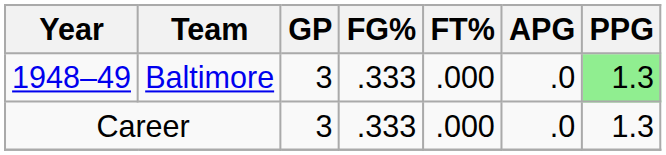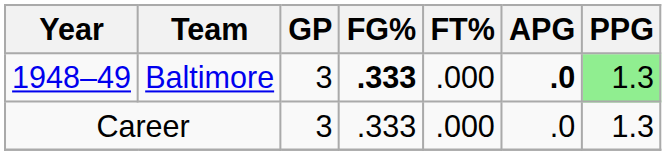 <table class="wikitable sortable" style="font-size:95%; text-align:right;">
 <tr>
 <th>Year</th>
 <th>Team</th>
 <th>GP</th>
 <th>FG%</th>
 <th>FT%</th>
 <th>APG</th>
 <th>PPG</th>
 </tr>
 <tr>
 <td style="text-align:left;"><a href='#'>1948–49</a></td>
 <td style="text-align:left;"><a href='#'>Baltimore</a></td>
 <td>3</td>
-<td>.333</td>
+<td><strong>.333</strong></td>
 <td>.000</td>
-<td>.0</td>
+<td><strong>.0</strong></td>
 <td style="background: lightgreen;">1.3</td>
 </tr>
 <tr>
 <td style="text-align:center;" colspan="2">Career</td>
 <td>3</td>
 <td>.333</td>
 <td>.000</td>
 <td>.0</td>
 <td>1.3</td>
 </tr>
 <tr>
 </tr>
 </table>
